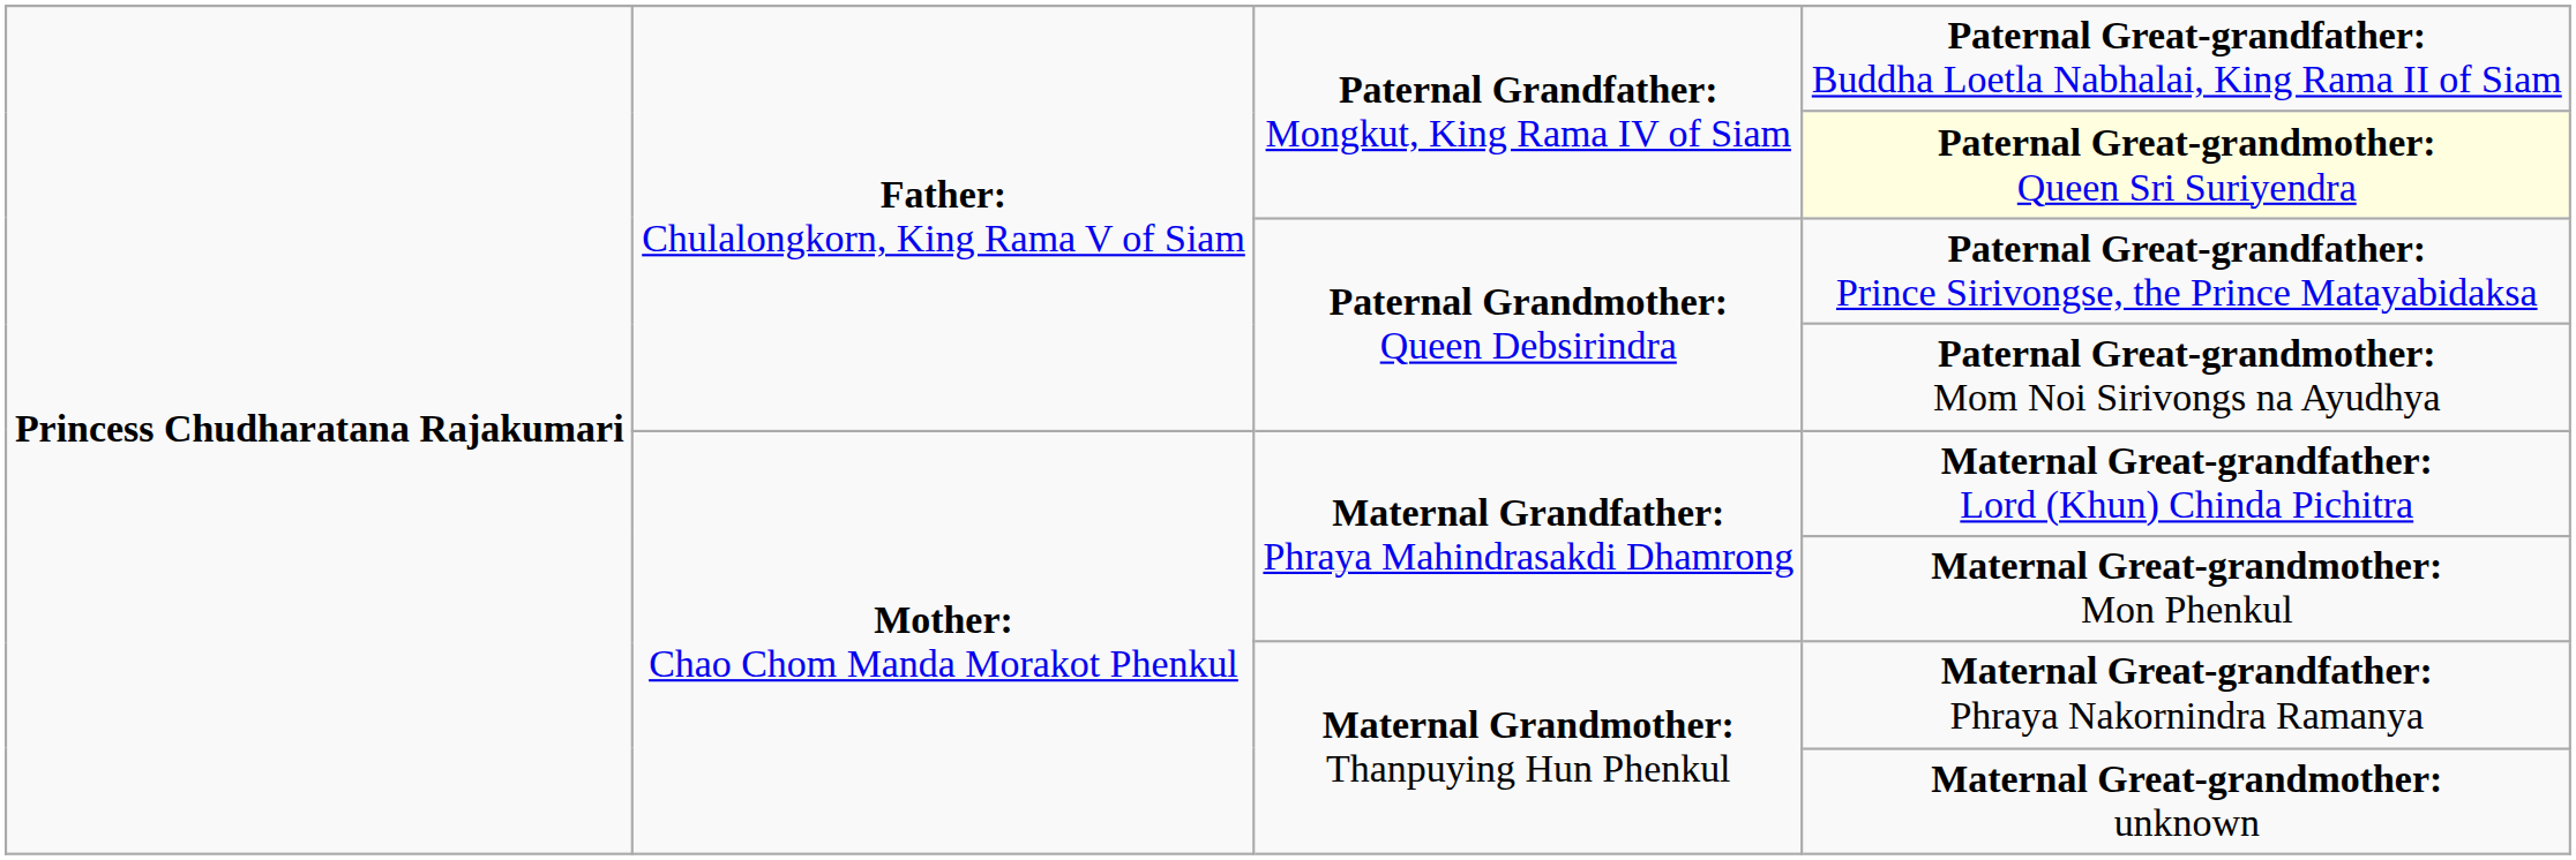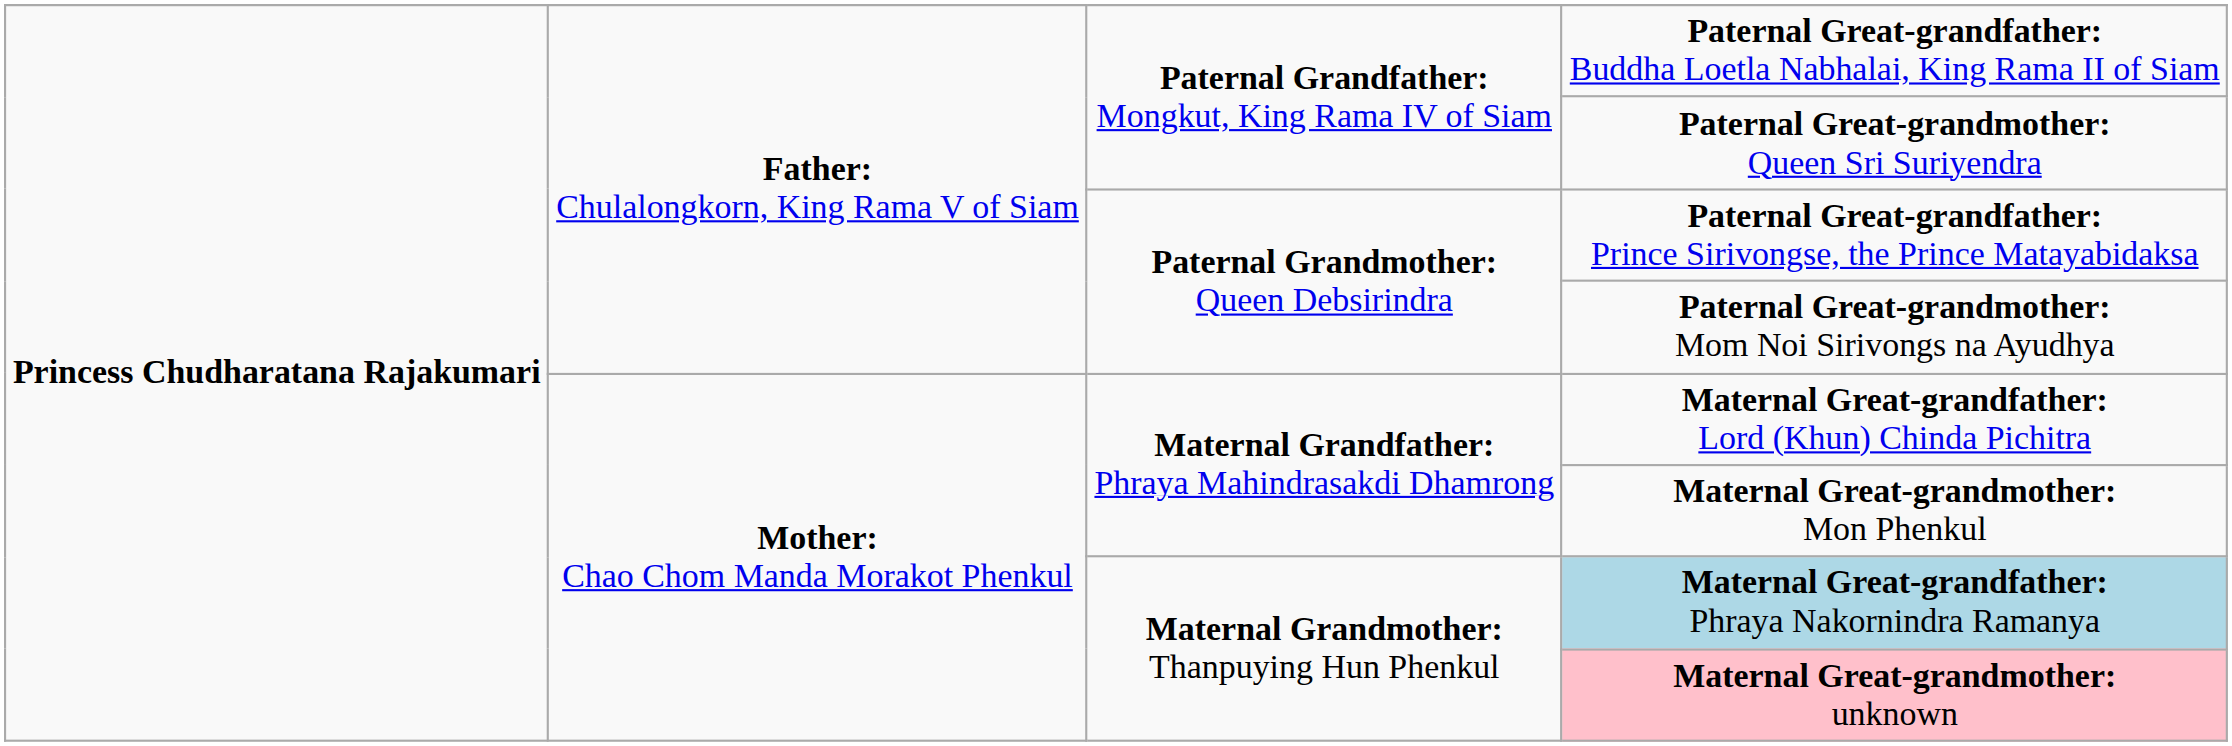 <table class="wikitable">
 <tr>
 </tr>
 <tr>
 <td rowspan="8" align="center"><strong>Princess Chudharatana Rajakumari</strong></td>
 <td rowspan="4" align="center"><strong>Father:</strong><br><a href='#'>Chulalongkorn, King Rama V of Siam</a></td>
 <td rowspan="2" align="center"><strong>Paternal Grandfather:</strong><br><a href='#'>Mongkut, King Rama IV of Siam</a></td>
 <td align = "center"><strong>Paternal Great-grandfather:</strong><br><a href='#'>Buddha Loetla Nabhalai, King Rama II of Siam</a></td>
 </tr>
 <tr>
-<td align = "center" style="background: lightyellow;"><strong>Paternal Great-grandmother:</strong><br><a href='#'>Queen Sri Suriyendra</a></td>
+<td align = "center"><strong>Paternal Great-grandmother:</strong><br><a href='#'>Queen Sri Suriyendra</a></td>
 </tr>
 <tr>
 <td rowspan="2" align="center"><strong>Paternal Grandmother:</strong><br><a href='#'>Queen Debsirindra</a></td>
 <td align = "center"><strong>Paternal Great-grandfather:</strong><br><a href='#'>Prince Sirivongse, the Prince Matayabidaksa</a></td>
 </tr>
 <tr>
 <td align = "center"><strong>Paternal Great-grandmother:</strong><br>Mom Noi Sirivongs na Ayudhya</td>
 </tr>
 <tr>
 <td rowspan="4" align="center"><strong>Mother:</strong><br><a href='#'>Chao Chom Manda Morakot Phenkul</a></td>
 <td rowspan="2" align="center"><strong>Maternal Grandfather:</strong><br><a href='#'>Phraya Mahindrasakdi Dhamrong</a></td>
 <td align = "center"><strong>Maternal Great-grandfather:</strong><br><a href='#'>Lord (Khun) Chinda Pichitra</a></td>
 </tr>
 <tr>
 <td align = "center"><strong>Maternal Great-grandmother:</strong><br>Mon Phenkul</td>
 </tr>
 <tr>
 <td rowspan="2" align="center"><strong>Maternal Grandmother:</strong><br>Thanpuying Hun Phenkul</td>
-<td align = "center"><strong>Maternal Great-grandfather:</strong><br>Phraya Nakornindra Ramanya</td>
+<td align = "center" style="background: lightblue;"><strong>Maternal Great-grandfather:</strong><br>Phraya Nakornindra Ramanya</td>
 </tr>
 <tr>
-<td align = "center"><strong>Maternal Great-grandmother:</strong><br>unknown</td>
+<td align = "center" style="background: pink;"><strong>Maternal Great-grandmother:</strong><br>unknown</td>
 </tr>
 </table>
